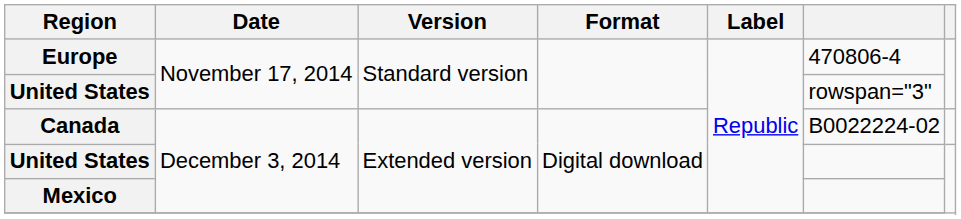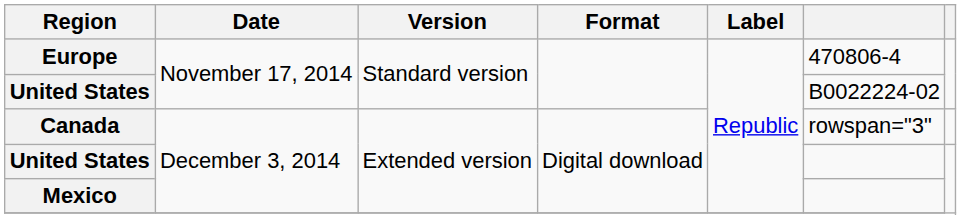 <table class="wikitable plainrowheaders">
 <tr>
 <th scope="col">Region</th>
 <th scope="col">Date</th>
 <th scope="col">Version</th>
 <th scope="col">Format</th>
 <th scope="col">Label</th>
 <th scope="col"></th>
 <th scope="col"></th>
 </tr>
 <tr>
 <th scope="row">Europe</th>
 <td rowspan="2">November 17, 2014</td>
 <td rowspan="2">Standard version</td>
 <td rowspan="2"></td>
 <td rowspan="5"><a href='#'>Republic</a></td>
 <td>470806-4</td>
 <td rowspan="2"></td>
 </tr>
 <tr>
 <th scope="row">United States</th>
-<td>rowspan="3" </td>
+<td>B0022224-02</td>
 </tr>
 <tr>
 <th scope="row">Canada</th>
 <td rowspan="3">December 3, 2014</td>
 <td rowspan="3">Extended version</td>
 <td rowspan="3">Digital download</td>
-<td>B0022224-02</td>
+<td>rowspan="3" </td>
 <td align="center"></td>
 </tr>
 <tr>
 <th scope="row">United States</th>
 <td align="center"></td>
 </tr>
 <tr>
 <th scope="row">Mexico</th>
 <td align="center"></td>
 </tr>
 <tr>
 </tr>
 </table>
